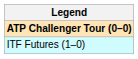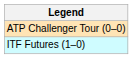 <table class=wikitable style=font-size:97%>
 <tr>
 <th>Legend</th>
 </tr>
 <tr bgcolor=moccasin>
-<td><strong>ATP Challenger Tour (0–0)</strong></td>
+<td>ATP Challenger Tour (0–0)</td>
 </tr>
 <tr bgcolor=cffcff>
 <td>ITF Futures (1–0)</td>
 </tr>
 </table>
